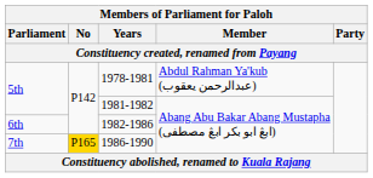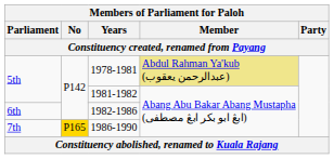 <table class=wikitable>
 <tr>
 <th colspan="5">Members of Parliament for Paloh</th>
 </tr>
 <tr>
 <th>Parliament</th>
 <th>No</th>
 <th>Years</th>
 <th>Member</th>
 <th>Party</th>
 </tr>
 <tr>
 <th colspan="5" align="center"><em>Constituency created, renamed from <a href='#'>Payang</a></em></th>
 </tr>
 <tr>
 <td rowspan=2><a href='#'>5th</a></td>
 <td rowspan="3">P142</td>
 <td>1978-1981</td>
-<td><a href='#'>Abdul Rahman Ya'kub</a> <br> (عبدالرحمن يعقوب‎)</td>
+<td style="background: khaki;"><a href='#'>Abdul Rahman Ya'kub</a> <br> (عبدالرحمن يعقوب‎)</td>
 <td rowspan=4></td>
 </tr>
 <tr>
 <td>1981-1982</td>
 <td rowspan=3><a href='#'>Abang Abu Bakar Abang Mustapha</a> <br> (ابڠ ابو بكر ابڠ مصطفى)</td>
 </tr>
 <tr>
 <td><a href='#'>6th</a></td>
 <td>1982-1986</td>
 </tr>
 <tr>
 <td><a href='#'>7th</a></td>
 <td style="background: gold;">P165</td>
 <td>1986-1990</td>
 </tr>
 <tr>
 <th colspan="5" align="center"><em>Constituency abolished, renamed to <a href='#'>Kuala Rajang</a></em></th>
 </tr>
 </table>
